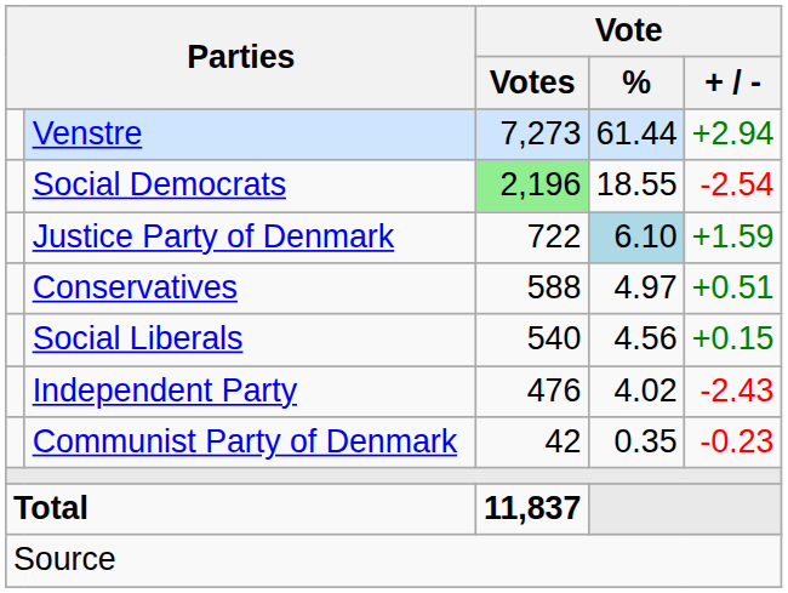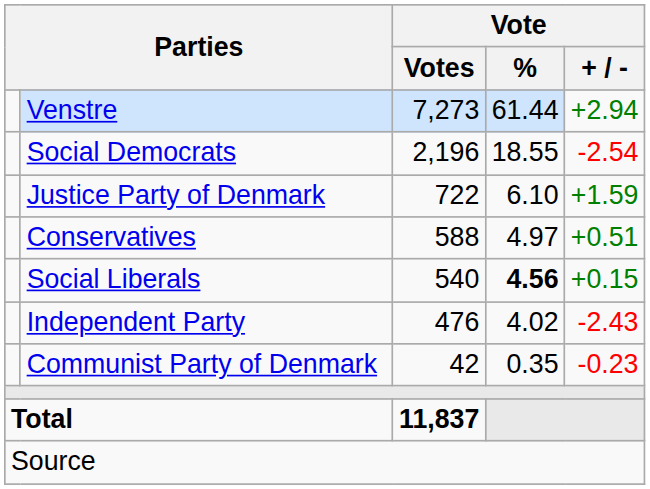 <table class="wikitable" style="text-align:right;">
 <tr>
 <th style="text-align:centre;" rowspan="2" colspan="2" width="225">Parties</th>
 <th colspan="3">Vote</th>
 </tr>
 <tr>
 <th width="15">Votes</th>
 <th width="15">%</th>
 <th width="15">+ / -</th>
 </tr>
 <tr>
 <td width="2" style="color:inherit;background:"></td>
 <td bgcolor=#cfe5fe  align="left"><a href='#'>Venstre</a></td>
 <td bgcolor=#cfe5fe>7,273</td>
 <td bgcolor=#cfe5fe>61.44</td>
 <td style=color:green;>+2.94</td>
 </tr>
 <tr>
 <td width="2" style="color:inherit;background:"></td>
 <td align="left"><a href='#'>Social Democrats</a></td>
-<td style="background: lightgreen;">2,196</td>
+<td>2,196</td>
 <td>18.55</td>
 <td style=color:red;>-2.54</td>
 </tr>
 <tr>
 <td width="2" style="color:inherit;background:"></td>
 <td align="left"><a href='#'>Justice Party of Denmark</a></td>
 <td>722</td>
-<td style="background: lightblue;">6.10</td>
+<td>6.10</td>
 <td style=color:green;>+1.59</td>
 </tr>
 <tr>
 <td width="2" style="color:inherit;background:"></td>
 <td align="left"><a href='#'>Conservatives</a></td>
 <td>588</td>
 <td>4.97</td>
 <td style=color:green;>+0.51</td>
 </tr>
 <tr>
 <td width="2" style="color:inherit;background:"></td>
 <td align="left"><a href='#'>Social Liberals</a></td>
 <td>540</td>
-<td>4.56</td>
+<td><strong>4.56</strong></td>
 <td style=color:green;>+0.15</td>
 </tr>
 <tr>
 <td width="2" style="color:inherit;background:"></td>
 <td align="left"><a href='#'>Independent Party</a></td>
 <td>476</td>
 <td>4.02</td>
 <td style=color:red;>-2.43</td>
 </tr>
 <tr>
 <td width="2" style="color:inherit;background:"></td>
 <td align="left"><a href='#'>Communist Party of Denmark</a></td>
 <td>42</td>
 <td>0.35</td>
 <td style=color:red;>-0.23</td>
 </tr>
 <tr>
 <td colspan="7" bgcolor="#E9E9E9"></td>
 </tr>
 <tr>
 <td align="left" colspan="2"><strong>Total</strong></td>
 <td><strong>11,837</strong></td>
 <td bgcolor="#E9E9E9" colspan="2"></td>
 </tr>
 <tr>
 <td align="left" colspan="6">Source</td>
 </tr>
 </table>
